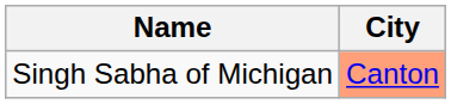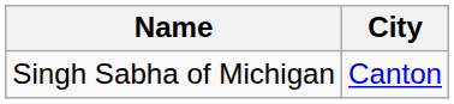 <table class="wikitable sortable">
 <tr>
 <th>Name</th>
 <th>City</th>
 </tr>
 <tr>
 <td>Singh Sabha of Michigan</td>
-<td style="background: lightsalmon;"><a href='#'>Canton</a></td>
+<td><a href='#'>Canton</a></td>
 </tr>
 </table>
